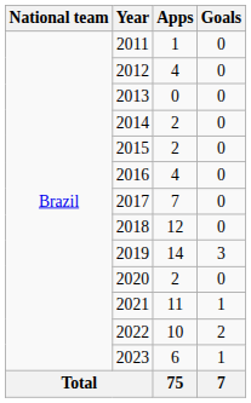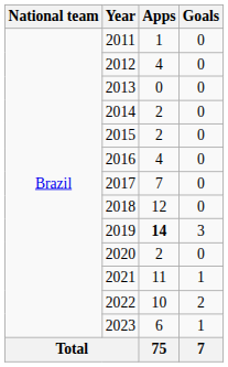 <table class="wikitable" style="text-align: center;">
 <tr>
 <th>National team</th>
 <th>Year</th>
 <th>Apps</th>
 <th>Goals</th>
 </tr>
 <tr>
 <td rowspan="13"><a href='#'>Brazil</a></td>
 <td>2011</td>
 <td>1</td>
 <td>0</td>
 </tr>
 <tr>
 <td>2012</td>
 <td>4</td>
 <td>0</td>
 </tr>
 <tr>
 <td>2013</td>
 <td>0</td>
 <td>0</td>
 </tr>
 <tr>
 <td>2014</td>
 <td>2</td>
 <td>0</td>
 </tr>
 <tr>
 <td>2015</td>
 <td>2</td>
 <td>0</td>
 </tr>
 <tr>
 <td>2016</td>
 <td>4</td>
 <td>0</td>
 </tr>
 <tr>
 <td>2017</td>
 <td>7</td>
 <td>0</td>
 </tr>
 <tr>
 <td>2018</td>
 <td>12</td>
 <td>0</td>
 </tr>
 <tr>
 <td>2019</td>
-<td>14</td>
+<td><strong>14</strong></td>
 <td>3</td>
 </tr>
 <tr>
 <td>2020</td>
 <td>2</td>
 <td>0</td>
 </tr>
 <tr>
 <td>2021</td>
 <td>11</td>
 <td>1</td>
 </tr>
 <tr>
 <td>2022</td>
 <td>10</td>
 <td>2</td>
 </tr>
 <tr>
 <td>2023</td>
 <td>6</td>
 <td>1</td>
 </tr>
 <tr>
 <th colspan="2">Total</th>
 <th>75</th>
 <th>7</th>
 </tr>
 </table>
